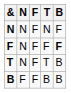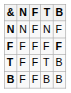 <table class="wikitable">
 <tr>
 <th>&</th>
 <th>N</th>
 <th>F</th>
 <th>T</th>
 <th>B</th>
 </tr>
 <tr>
 <td><strong>N</strong></td>
 <td>N</td>
 <td>F</td>
 <td>N</td>
 <td>F</td>
 </tr>
 <tr>
 <td><strong>F</strong></td>
-<td>N</td>
+<td>F</td>
 <td>F</td>
 <td>F</td>
 <td><strong>F</strong></td>
 </tr>
 <tr>
 <td><strong>T</strong></td>
-<td>N</td>
+<td>F</td>
 <td>F</td>
 <td>T</td>
 <td>B</td>
 </tr>
 <tr>
 <td><strong>B</strong></td>
 <td>F</td>
 <td>F</td>
 <td>B</td>
 <td>B</td>
 </tr>
 </table>
